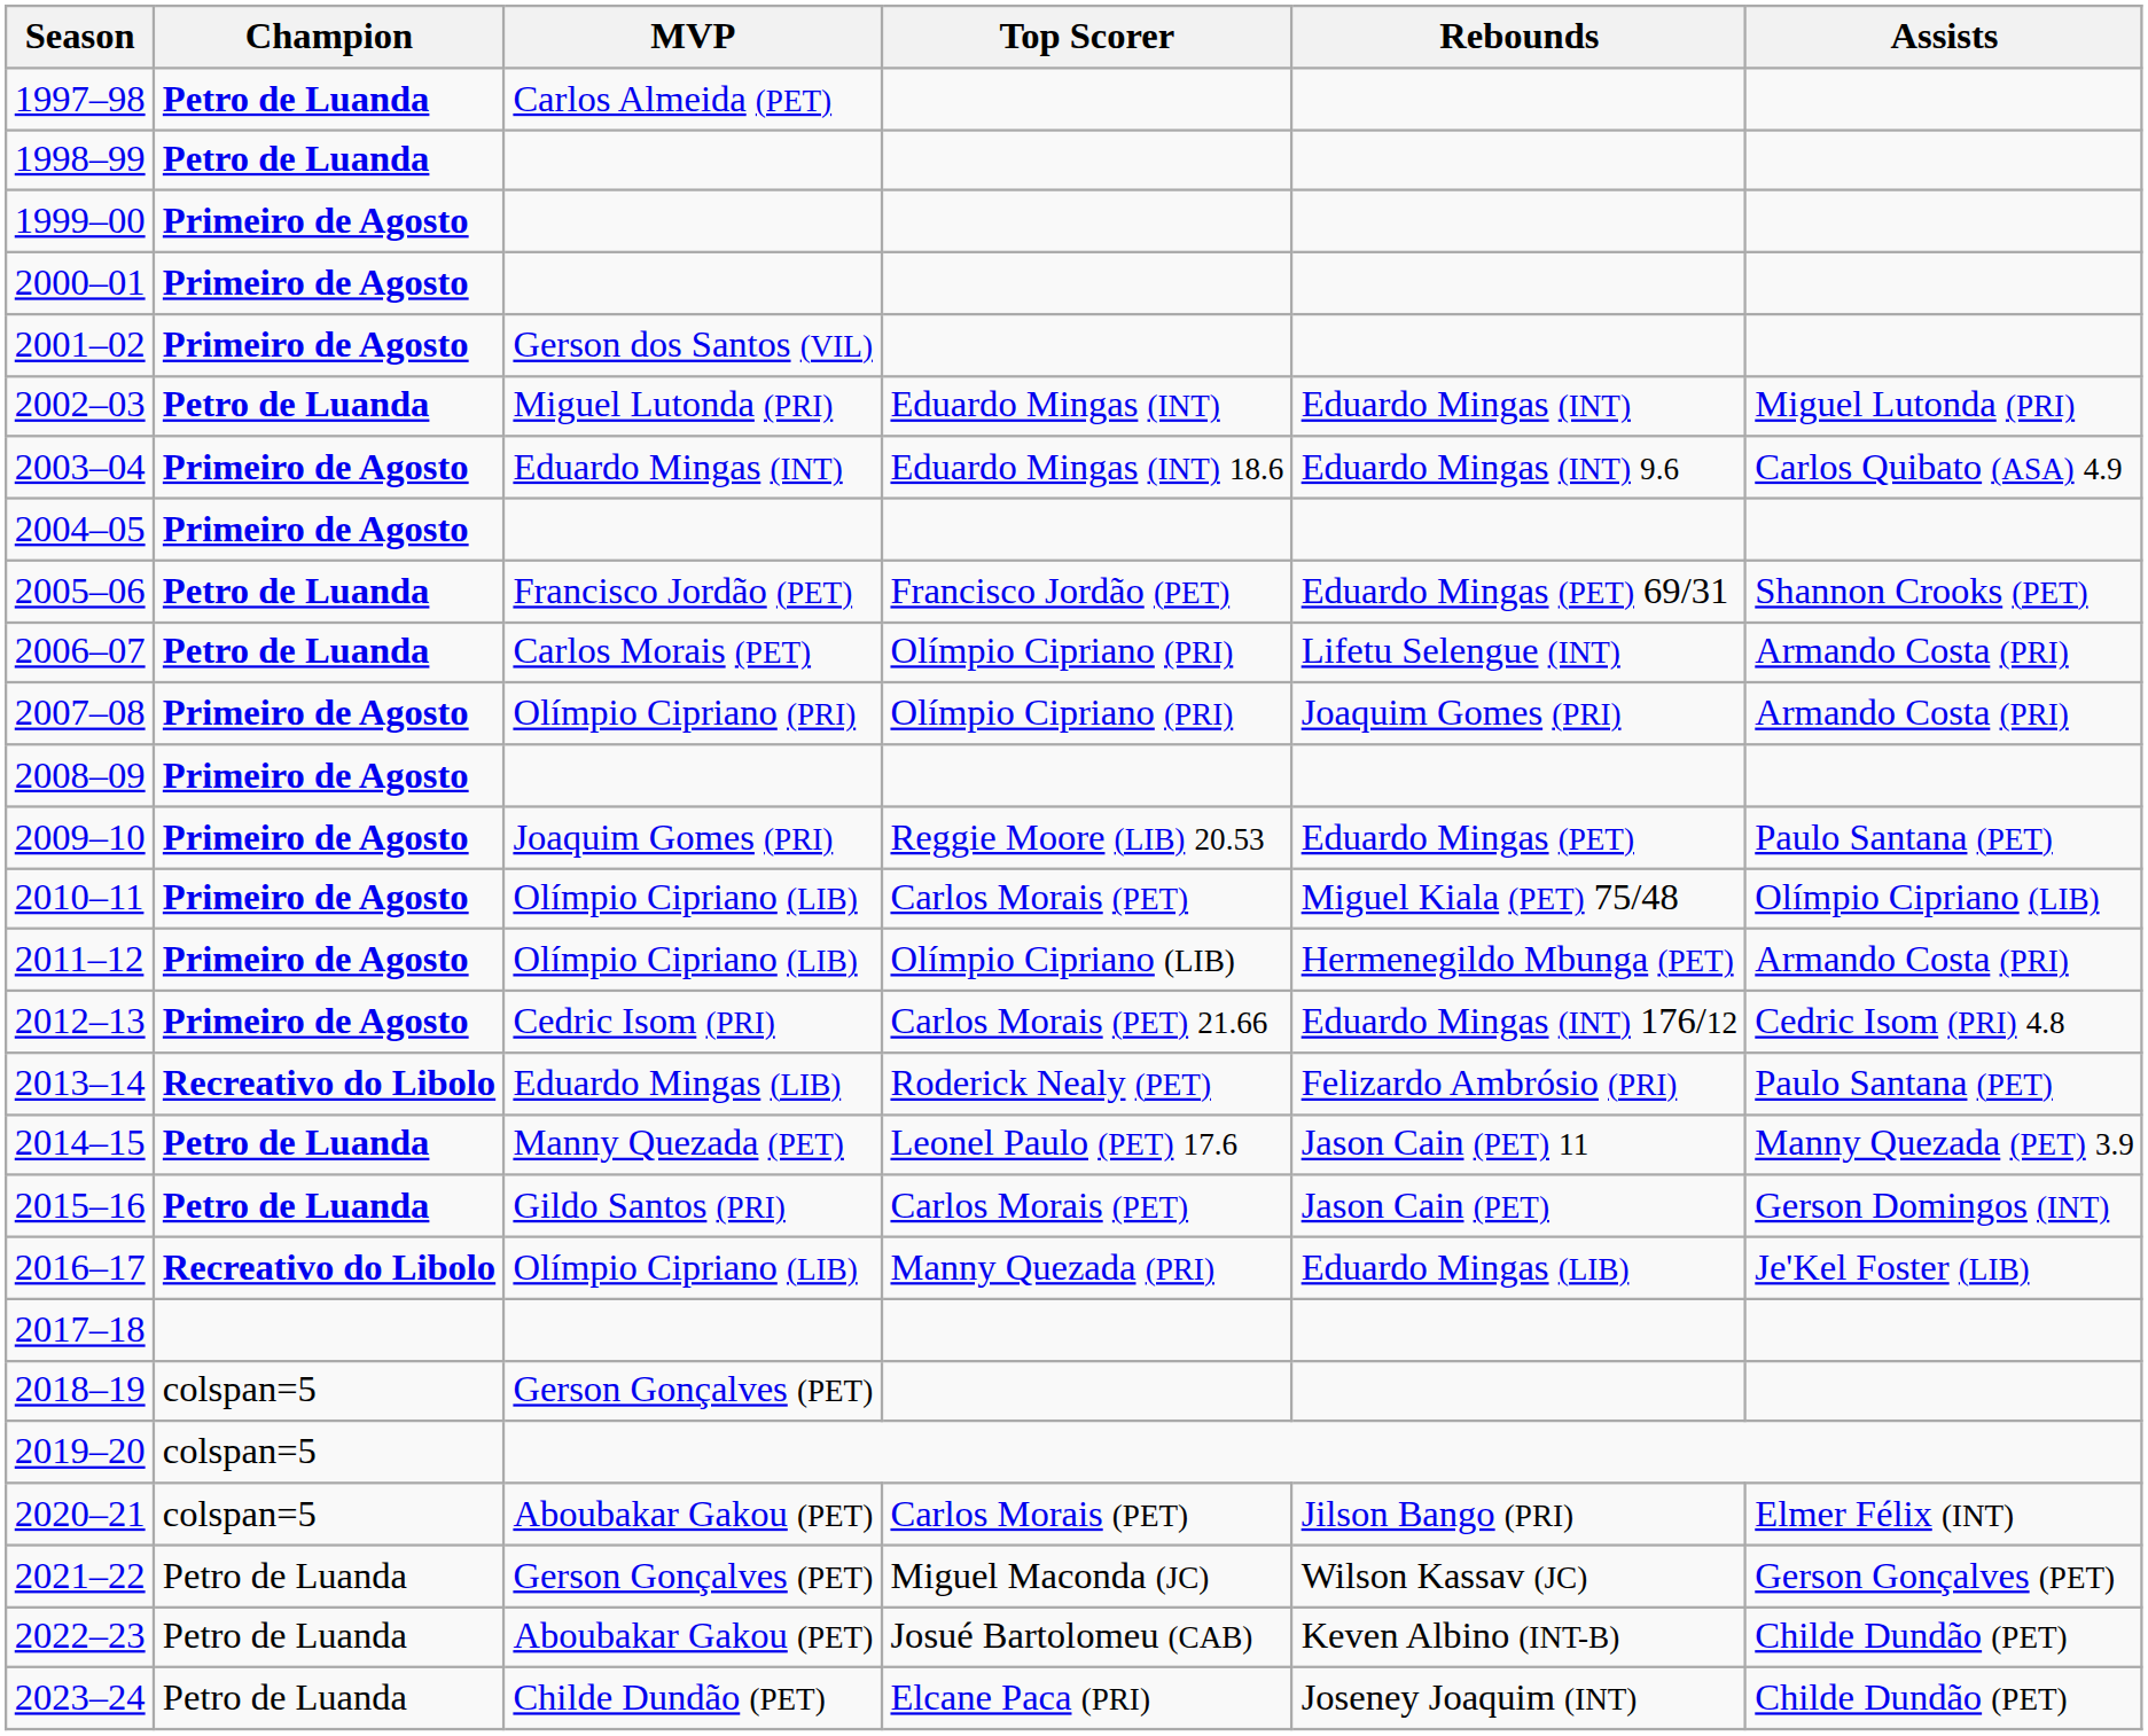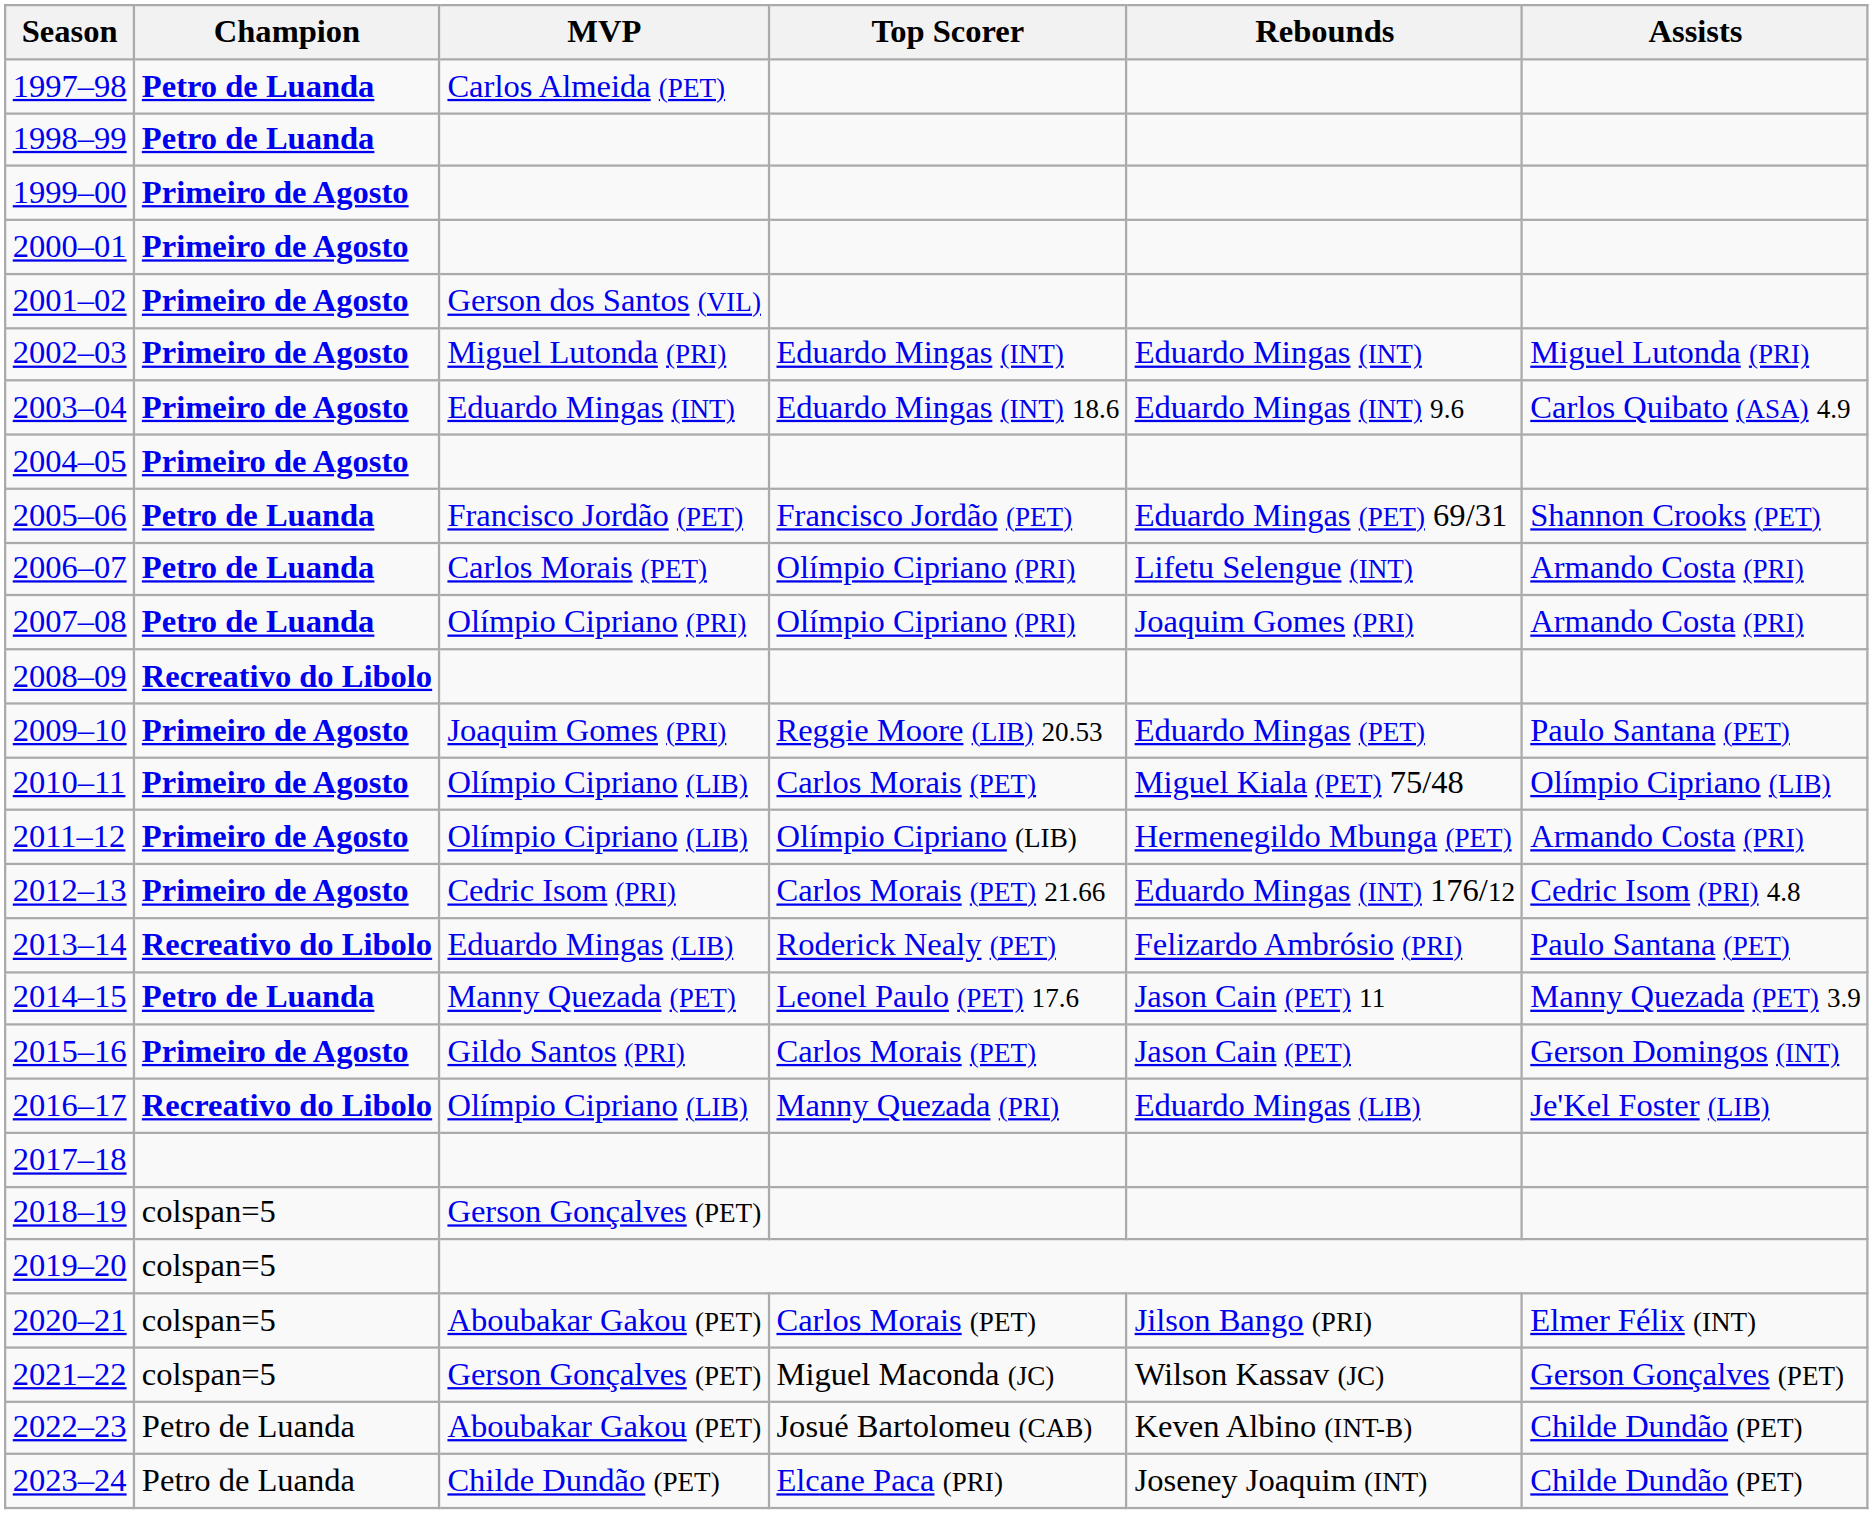 <table class="wikitable" style="font-size:90%;">
 <tr>
 <th>Season</th>
 <th>Champion</th>
 <th>MVP</th>
 <th>Top Scorer</th>
 <th>Rebounds</th>
 <th>Assists</th>
 </tr>
 <tr>
 <td><a href='#'>1997–98</a></td>
 <td><strong><a href='#'>Petro de Luanda</a></strong></td>
 <td> <a href='#'>Carlos Almeida</a> <small><a href='#'>(PET)</a></small></td>
 <td></td>
 <td></td>
 <td></td>
 </tr>
 <tr>
 <td><a href='#'>1998–99</a></td>
 <td><strong><a href='#'>Petro de Luanda</a></strong></td>
 <td></td>
 <td></td>
 <td></td>
 <td></td>
 </tr>
 <tr>
 <td><a href='#'>1999–00</a></td>
 <td><strong><a href='#'>Primeiro de Agosto</a></strong></td>
 <td></td>
 <td></td>
 <td></td>
 <td></td>
 </tr>
 <tr>
 <td><a href='#'>2000–01</a></td>
 <td><strong><a href='#'>Primeiro de Agosto</a></strong></td>
 <td></td>
 <td></td>
 <td></td>
 <td></td>
 </tr>
 <tr>
 <td><a href='#'>2001–02</a></td>
 <td><strong><a href='#'>Primeiro de Agosto</a></strong></td>
 <td> <a href='#'>Gerson dos Santos</a> <small><a href='#'>(VIL)</a></small></td>
 <td></td>
 <td></td>
 <td></td>
 </tr>
 <tr>
 <td><a href='#'>2002–03</a></td>
-<td><strong><a href='#'>Petro de Luanda</a></strong></td>
+<td><strong><a href='#'>Primeiro de Agosto</a></strong></td>
 <td> <a href='#'>Miguel Lutonda</a> <small><a href='#'>(PRI)</a></small></td>
 <td> <a href='#'>Eduardo Mingas</a> <small><a href='#'>(INT)</a></small></td>
 <td> <a href='#'>Eduardo Mingas</a> <small><a href='#'>(INT)</a></small></td>
 <td> <a href='#'>Miguel Lutonda</a> <small><a href='#'>(PRI)</a></small></td>
 </tr>
 <tr>
 <td><a href='#'>2003–04</a></td>
 <td><strong><a href='#'>Primeiro de Agosto</a></strong></td>
 <td> <a href='#'>Eduardo Mingas</a> <small><a href='#'>(INT)</a></small></td>
 <td> <a href='#'>Eduardo Mingas</a> <small><a href='#'>(INT)</a></small>  <small>18.6</small></td>
 <td> <a href='#'>Eduardo Mingas</a> <small><a href='#'>(INT)</a></small>  <small>9.6</small></td>
 <td> <a href='#'>Carlos Quibato</a> <small><a href='#'>(ASA)</a></small>  <small>4.9</small></td>
 </tr>
 <tr>
 <td><a href='#'>2004–05</a></td>
 <td><strong><a href='#'>Primeiro de Agosto</a></strong></td>
 <td></td>
 <td></td>
 <td></td>
 <td></td>
 </tr>
 <tr>
 <td><a href='#'>2005–06</a></td>
 <td><strong><a href='#'>Petro de Luanda</a></strong></td>
 <td> <a href='#'>Francisco Jordão</a> <small><a href='#'>(PET)</a></small></td>
 <td> <a href='#'>Francisco Jordão</a> <small><a href='#'>(PET)</a></small></td>
 <td> <a href='#'>Eduardo Mingas</a> <small><a href='#'>(PET)</a></small> 69/31</td>
 <td> <a href='#'>Shannon Crooks</a> <small><a href='#'>(PET)</a></small></td>
 </tr>
 <tr>
 <td><a href='#'>2006–07</a></td>
 <td><strong><a href='#'>Petro de Luanda</a></strong></td>
 <td> <a href='#'>Carlos Morais</a> <small><a href='#'>(PET)</a></small></td>
 <td> <a href='#'>Olímpio Cipriano</a> <small><a href='#'>(PRI)</a></small></td>
 <td> <a href='#'>Lifetu Selengue</a> <small><a href='#'>(INT)</a></small></td>
 <td> <a href='#'>Armando Costa</a> <small><a href='#'>(PRI)</a></small></td>
 </tr>
 <tr>
 <td><a href='#'>2007–08</a></td>
-<td><strong><a href='#'>Primeiro de Agosto</a></strong></td>
+<td><strong><a href='#'>Petro de Luanda</a></strong></td>
 <td> <a href='#'>Olímpio Cipriano</a> <small><a href='#'>(PRI)</a></small></td>
 <td> <a href='#'>Olímpio Cipriano</a> <small><a href='#'>(PRI)</a></small></td>
 <td> <a href='#'>Joaquim Gomes</a> <small><a href='#'>(PRI)</a></small></td>
 <td> <a href='#'>Armando Costa</a> <small><a href='#'>(PRI)</a></small></td>
 </tr>
 <tr>
 <td><a href='#'>2008–09</a></td>
-<td><strong><a href='#'>Primeiro de Agosto</a></strong></td>
+<td><strong><a href='#'>Recreativo do Libolo</a></strong></td>
 <td></td>
 <td></td>
 <td></td>
 <td></td>
 </tr>
 <tr>
 <td><a href='#'>2009–10</a></td>
 <td><strong><a href='#'>Primeiro de Agosto</a></strong></td>
 <td> <a href='#'>Joaquim Gomes</a> <small><a href='#'>(PRI)</a></small></td>
 <td> <a href='#'>Reggie Moore</a> <small><a href='#'>(LIB)</a></small> <small>20.53</small></td>
 <td> <a href='#'>Eduardo Mingas</a> <small><a href='#'>(PET)</a></small></td>
 <td> <a href='#'>Paulo Santana</a> <small><a href='#'>(PET)</a></small></td>
 </tr>
 <tr>
 <td><a href='#'>2010–11</a></td>
 <td><strong><a href='#'>Primeiro de Agosto</a></strong></td>
 <td> <a href='#'>Olímpio Cipriano</a> <small><a href='#'>(LIB)</a></small></td>
 <td> <a href='#'>Carlos Morais</a> <small><a href='#'>(PET)</a></small></td>
 <td> <a href='#'>Miguel Kiala</a> <small><a href='#'>(PET)</a></small> 75/48</td>
 <td> <a href='#'>Olímpio Cipriano</a> <small><a href='#'>(LIB)</a></small></td>
 </tr>
 <tr>
 <td><a href='#'>2011–12</a></td>
 <td><strong><a href='#'>Primeiro de Agosto</a></strong></td>
 <td> <a href='#'>Olímpio Cipriano</a> <small><a href='#'>(LIB)</a></small></td>
 <td> <a href='#'>Olímpio Cipriano</a> <small>(LIB)</small></td>
 <td> <a href='#'>Hermenegildo Mbunga</a> <small><a href='#'>(PET)</a></small></td>
 <td> <a href='#'>Armando Costa</a> <small><a href='#'>(PRI)</a></small></td>
 </tr>
 <tr>
 <td><a href='#'>2012–13</a></td>
 <td><strong><a href='#'>Primeiro de Agosto</a></strong></td>
 <td> <a href='#'>Cedric Isom</a> <small><a href='#'>(PRI)</a></small></td>
 <td> <a href='#'>Carlos Morais</a> <small><a href='#'>(PET)</a></small> <small>21.66</small></td>
 <td> <a href='#'>Eduardo Mingas</a> <small><a href='#'>(INT)</a></small> 176/<small>12</small></td>
 <td>  <a href='#'>Cedric Isom</a> <small><a href='#'>(PRI)</a></small> <small>4.8</small></td>
 </tr>
 <tr>
 <td><a href='#'>2013–14</a></td>
 <td><strong><a href='#'>Recreativo do Libolo</a></strong></td>
 <td> <a href='#'>Eduardo Mingas</a> <small><a href='#'>(LIB)</a></small></td>
 <td>  <a href='#'>Roderick Nealy</a> <small><a href='#'>(PET)</a></small></td>
 <td>  <a href='#'>Felizardo Ambrósio</a> <small><a href='#'>(PRI)</a></small></td>
 <td>  <a href='#'>Paulo Santana</a> <small><a href='#'>(PET)</a></small></td>
 </tr>
 <tr>
 <td><a href='#'>2014–15</a></td>
 <td><strong><a href='#'>Petro de Luanda</a></strong></td>
 <td> <a href='#'>Manny Quezada</a> <small><a href='#'>(PET)</a></small></td>
 <td> <a href='#'>Leonel Paulo</a> <small><a href='#'>(PET)</a></small> <small>17.6</small></td>
 <td> <a href='#'>Jason Cain</a> <small><a href='#'>(PET)</a></small> <small>11</small></td>
 <td> <a href='#'>Manny Quezada</a> <small><a href='#'>(PET)</a></small> <small>3.9</small></td>
 </tr>
 <tr>
 <td><a href='#'>2015–16</a></td>
-<td><strong><a href='#'>Petro de Luanda</a></strong></td>
+<td><strong><a href='#'>Primeiro de Agosto</a></strong></td>
 <td> <a href='#'>Gildo Santos</a> <small><a href='#'>(PRI)</a></small></td>
 <td> <a href='#'>Carlos Morais</a> <small><a href='#'>(PET)</a></small></td>
 <td> <a href='#'>Jason Cain</a> <small><a href='#'>(PET)</a></small></td>
 <td> <a href='#'>Gerson Domingos</a> <small><a href='#'>(INT)</a></small></td>
 </tr>
 <tr>
 <td><a href='#'>2016–17</a></td>
 <td><strong><a href='#'>Recreativo do Libolo</a></strong></td>
 <td> <a href='#'>Olímpio Cipriano</a> <small><a href='#'>(LIB)</a></small></td>
 <td> <a href='#'>Manny Quezada</a> <small><a href='#'>(PRI)</a></small></td>
 <td> <a href='#'>Eduardo Mingas</a> <small><a href='#'>(LIB)</a></small></td>
 <td> <a href='#'>Je'Kel Foster</a> <small><a href='#'>(LIB)</a></small></td>
 </tr>
 <tr>
 <td><a href='#'>2017–18</a></td>
 <td></td>
 <td></td>
 <td></td>
 <td></td>
 <td></td>
 </tr>
 <tr>
 <td><a href='#'>2018–19</a></td>
 <td>colspan=5 </td>
 <td> <a href='#'>Gerson Gonçalves</a> <small>(PET)</small></td>
 <td></td>
 <td></td>
 <td></td>
 </tr>
 <tr>
 <td><a href='#'>2019–20</a></td>
 <td>colspan=5 </td>
 </tr>
 <tr>
 <td><a href='#'>2020–21</a></td>
 <td>colspan=5 </td>
 <td> <a href='#'>Aboubakar Gakou</a> <small>(PET)</small></td>
 <td> <a href='#'>Carlos Morais</a> <small>(PET)</small></td>
 <td> <a href='#'>Jilson Bango</a> <small>(PRI)</small></td>
 <td> <a href='#'>Elmer Félix</a> <small>(INT)</small></td>
 </tr>
 <tr>
 <td><a href='#'>2021–22</a></td>
-<td>Petro de Luanda</td>
+<td>colspan=5 </td>
 <td> <a href='#'>Gerson Gonçalves</a> <small>(PET)</small></td>
 <td> Miguel Maconda <small>(JC)</small></td>
 <td> Wilson Kassav <small>(JC)</small></td>
 <td> <a href='#'>Gerson Gonçalves</a> <small>(PET)</small></td>
 </tr>
 <tr>
 <td><a href='#'>2022–23</a></td>
 <td>Petro de Luanda</td>
 <td> <a href='#'>Aboubakar Gakou</a> <small>(PET)</small></td>
 <td> Josué Bartolomeu <small>(CAB)</small></td>
 <td> Keven Albino <small>(INT-B)</small></td>
 <td> <a href='#'>Childe Dundão</a> <small>(PET)</small></td>
 </tr>
 <tr>
 <td><a href='#'>2023–24</a></td>
 <td>Petro de Luanda</td>
 <td> <a href='#'>Childe Dundão</a> <small>(PET)</small></td>
 <td> <a href='#'>Elcane Paca</a> <small>(PRI)</small></td>
 <td> Joseney Joaquim <small>(INT)</small></td>
 <td> <a href='#'>Childe Dundão</a> <small>(PET)</small></td>
 </tr>
 </table>
